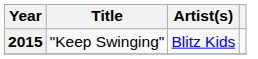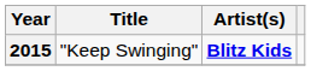 <table class="wikitable plainrowheaders">
 <tr>
 <th scope="col">Year</th>
 <th scope="col">Title</th>
 <th scope="col">Artist(s)</th>
 <th scope="col" class="unsortable"></th>
 </tr>
 <tr>
 <th scope="row">2015</th>
 <td>"Keep Swinging"</td>
-<td><a href='#'>Blitz Kids</a></td>
+<td><strong><a href='#'>Blitz Kids</a></strong></td>
 <td></td>
 </tr>
 <tr>
 </tr>
 </table>
